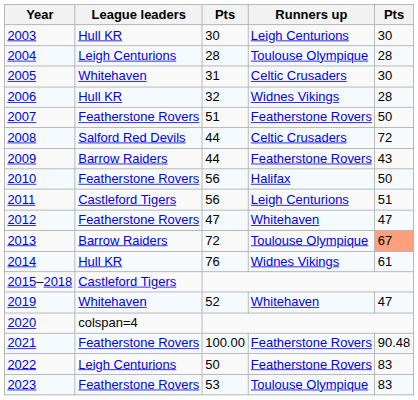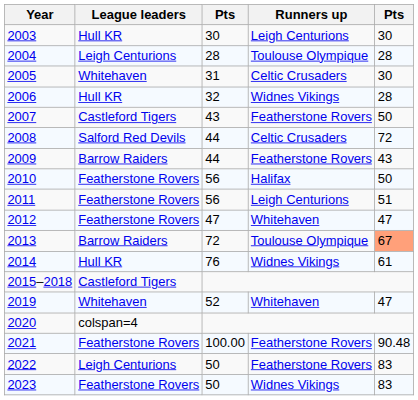 <table class="wikitable" style="text-align: left;"border="1" cellpadding="4" cellspacing="0">
 <tr bgcolor="#efefef">
 <th>Year</th>
 <th>League leaders</th>
 <th>Pts</th>
 <th>Runners up</th>
 <th>Pts</th>
 </tr>
 <tr>
 <td><a href='#'>2003</a></td>
 <td> <a href='#'>Hull KR</a></td>
 <td>30</td>
 <td> <a href='#'>Leigh Centurions</a></td>
 <td>30</td>
 </tr>
 <tr style="background:#f5faff;">
 <td><a href='#'>2004</a></td>
 <td> <a href='#'>Leigh Centurions</a></td>
 <td>28</td>
 <td> <a href='#'>Toulouse Olympique</a></td>
 <td>28</td>
 </tr>
 <tr>
 <td><a href='#'>2005</a></td>
 <td> <a href='#'>Whitehaven</a></td>
 <td>31</td>
 <td> <a href='#'>Celtic Crusaders</a></td>
 <td>30</td>
 </tr>
 <tr style="background:#f5faff;">
 <td><a href='#'>2006</a></td>
 <td> <a href='#'>Hull KR</a></td>
 <td>32</td>
 <td> <a href='#'>Widnes Vikings</a></td>
 <td>28</td>
 </tr>
 <tr>
 <td><a href='#'>2007</a></td>
-<td> <a href='#'>Featherstone Rovers</a></td>
-<td>51</td>
+<td> <a href='#'>Castleford Tigers</a></td>
+<td>43</td>
 <td> <a href='#'>Featherstone Rovers</a></td>
 <td>50</td>
 </tr>
 <tr style="background:#f5faff;">
 <td><a href='#'>2008</a></td>
 <td> <a href='#'>Salford Red Devils</a></td>
 <td>44</td>
 <td> <a href='#'>Celtic Crusaders</a></td>
 <td>72</td>
 </tr>
 <tr>
 <td><a href='#'>2009</a></td>
 <td> <a href='#'>Barrow Raiders</a></td>
 <td>44</td>
 <td> <a href='#'>Featherstone Rovers</a></td>
 <td>43</td>
 </tr>
 <tr style="background:#f5faff;">
 <td><a href='#'>2010</a></td>
 <td> <a href='#'>Featherstone Rovers</a></td>
 <td>56</td>
 <td> <a href='#'>Halifax</a></td>
 <td>50</td>
 </tr>
 <tr>
 <td><a href='#'>2011</a></td>
-<td> <a href='#'>Castleford Tigers</a></td>
+<td> <a href='#'>Featherstone Rovers</a></td>
 <td>56</td>
 <td> <a href='#'>Leigh Centurions</a></td>
 <td>51</td>
 </tr>
 <tr style="background:#f5faff;">
 <td><a href='#'>2012</a></td>
 <td> <a href='#'>Featherstone Rovers</a></td>
 <td>47</td>
 <td> <a href='#'>Whitehaven</a></td>
 <td>47</td>
 </tr>
 <tr>
 <td><a href='#'>2013</a></td>
 <td> <a href='#'>Barrow Raiders</a></td>
 <td>72</td>
 <td> <a href='#'>Toulouse Olympique</a></td>
 <td style="background: lightsalmon;">67</td>
 </tr>
 <tr style="background:#f5faff;">
 <td><a href='#'>2014</a></td>
 <td> <a href='#'>Hull KR</a></td>
 <td>76</td>
 <td> <a href='#'>Widnes Vikings</a></td>
 <td>61</td>
 </tr>
 <tr>
 <td><a href='#'>2015</a>–<a href='#'>2018</a></td>
 <td> <a href='#'>Castleford Tigers</a></td>
 </tr>
 <tr style="background:#f5faff;">
 <td><a href='#'>2019</a></td>
 <td> <a href='#'>Whitehaven</a></td>
 <td>52</td>
 <td> <a href='#'>Whitehaven</a></td>
 <td>47</td>
 </tr>
 <tr>
 <td><a href='#'>2020</a></td>
 <td>colspan=4</td>
 </tr>
 <tr style="background:#f5faff;">
 <td><a href='#'>2021</a></td>
 <td> <a href='#'>Featherstone Rovers</a></td>
 <td>100.00</td>
 <td> <a href='#'>Featherstone Rovers</a></td>
 <td>90.48</td>
 </tr>
 <tr>
 <td><a href='#'>2022</a></td>
 <td> <a href='#'>Leigh Centurions</a></td>
 <td>50</td>
 <td> <a href='#'>Featherstone Rovers</a></td>
 <td>83</td>
 </tr>
 <tr style="background:#f5faff;">
 <td><a href='#'>2023</a></td>
 <td> <a href='#'>Featherstone Rovers</a></td>
-<td>53</td>
-<td> <a href='#'>Toulouse Olympique</a></td>
+<td>50</td>
+<td> <a href='#'>Widnes Vikings</a></td>
 <td>83</td>
 </tr>
 </table>
